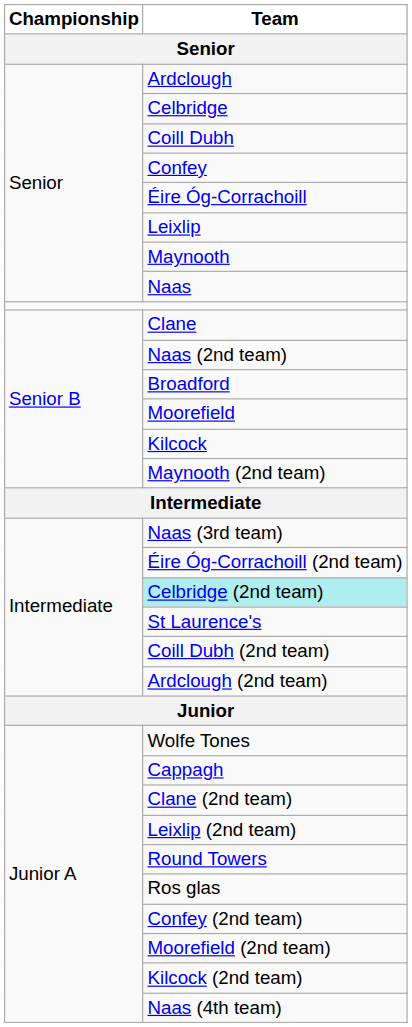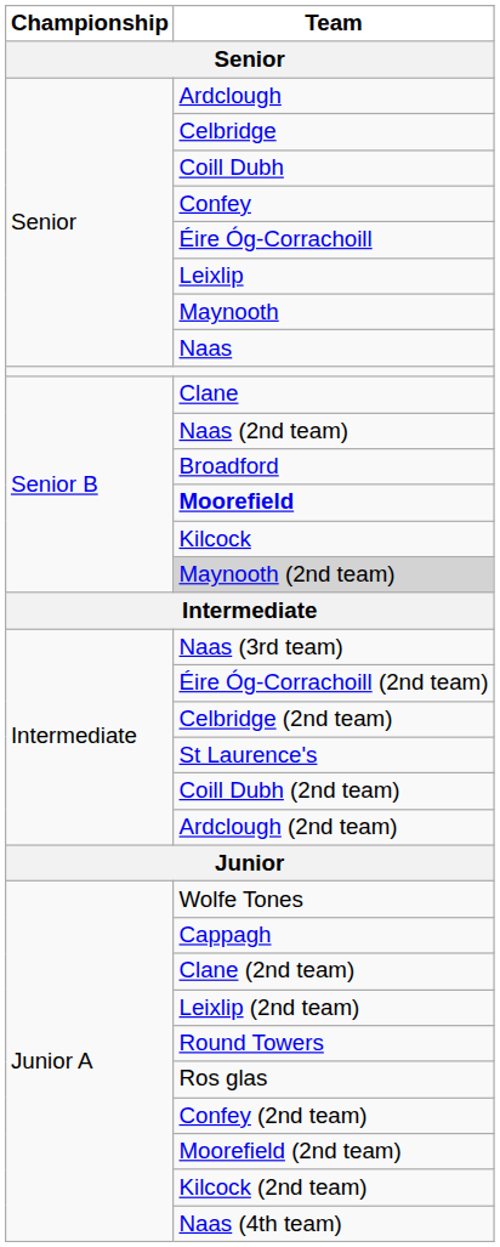 <table class="wikitable sortable">
 <tr>
 <th style="background:white;color:black">Championship</th>
 <th style="background:white;color:black">Team</th>
 </tr>
 <tr>
 <th colspan="2">Senior</th>
 </tr>
 <tr>
 <td rowspan="8">Senior</td>
 <td> <a href='#'>Ardclough</a></td>
 </tr>
 <tr>
 <td> <a href='#'>Celbridge</a></td>
 </tr>
 <tr>
 <td> <a href='#'>Coill Dubh</a></td>
 </tr>
 <tr>
 <td> <a href='#'>Confey</a></td>
 </tr>
 <tr>
 <td> <a href='#'>Éire Óg-Corrachoill</a></td>
 </tr>
 <tr>
 <td> <a href='#'>Leixlip</a></td>
 </tr>
 <tr>
 <td> <a href='#'>Maynooth</a></td>
 </tr>
 <tr>
 <td> <a href='#'>Naas</a></td>
 </tr>
 <tr>
 <td colspan="2"></td>
 </tr>
 <tr>
 <td rowspan="6"><a href='#'>Senior B</a></td>
 <td> <a href='#'>Clane</a></td>
 </tr>
 <tr>
 <td> <a href='#'>Naas</a> (2nd team)</td>
 </tr>
 <tr>
 <td> <a href='#'>Broadford</a></td>
 </tr>
 <tr>
-<td> <a href='#'>Moorefield</a></td>
+<td><strong> <a href='#'>Moorefield</a></strong></td>
 </tr>
 <tr>
 <td> <a href='#'>Kilcock</a></td>
 </tr>
 <tr>
-<td> <a href='#'>Maynooth</a> (2nd team)</td>
+<td style="background: lightgrey;"> <a href='#'>Maynooth</a> (2nd team)</td>
 </tr>
 <tr>
 <th colspan="2">Intermediate</th>
 </tr>
 <tr>
 <td rowspan="6">Intermediate</td>
 <td> <a href='#'>Naas</a> (3rd team)</td>
 </tr>
 <tr>
 <td> <a href='#'>Éire Óg-Corrachoill</a> (2nd team)</td>
 </tr>
 <tr>
-<td style="background: paleturquoise;"> <a href='#'>Celbridge</a> (2nd team)</td>
+<td> <a href='#'>Celbridge</a> (2nd team)</td>
 </tr>
 <tr>
 <td> <a href='#'>St Laurence's</a></td>
 </tr>
 <tr>
 <td> <a href='#'>Coill Dubh</a> (2nd team)</td>
 </tr>
 <tr>
 <td> <a href='#'>Ardclough</a> (2nd team)</td>
 </tr>
 <tr>
 <th colspan="2">Junior</th>
 </tr>
 <tr>
 <td rowspan="10">Junior A</td>
 <td>Wolfe Tones</td>
 </tr>
 <tr>
 <td> <a href='#'>Cappagh</a></td>
 </tr>
 <tr>
 <td> <a href='#'>Clane</a> (2nd team)</td>
 </tr>
 <tr>
 <td> <a href='#'>Leixlip</a> (2nd team)</td>
 </tr>
 <tr>
 <td><a href='#'>Round Towers</a></td>
 </tr>
 <tr>
 <td>Ros glas</td>
 </tr>
 <tr>
 <td> <a href='#'>Confey</a> (2nd team)</td>
 </tr>
 <tr>
 <td> <a href='#'>Moorefield</a> (2nd team)</td>
 </tr>
 <tr>
 <td> <a href='#'>Kilcock</a> (2nd team)</td>
 </tr>
 <tr>
 <td> <a href='#'>Naas</a> (4th team)</td>
 </tr>
 </table>
